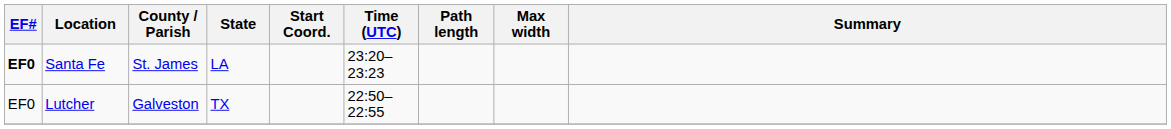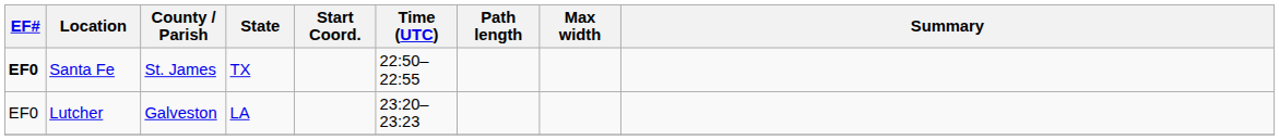 <table class="wikitable sortable" style="width:100%;">
 <tr>
 <th scope="col"  style="width:3%; text-align:center;"><a href='#'>EF#</a></th>
 <th scope="col"  style="width:7%; text-align:center;" class="unsortable">Location</th>
 <th scope="col"  style="width:6%; text-align:center;" class="unsortable">County / Parish</th>
 <th scope="col"  style="width:5%; text-align:center;">State</th>
 <th scope="col"  style="width:6%; text-align:center;">Start Coord.</th>
 <th scope="col"  style="width:6%; text-align:center;">Time (<a href='#'>UTC</a>)</th>
 <th scope="col"  style="width:6%; text-align:center;">Path length</th>
 <th scope="col"  style="width:6%; text-align:center;">Max width</th>
 <th scope="col" class="unsortable" style="width:48%; text-align:center;">Summary</th>
 </tr>
 <tr>
 <td><strong>EF0</strong></td>
 <td><a href='#'>Santa Fe</a></td>
 <td><a href='#'>St. James</a></td>
+<td><a href='#'>TX</a></td>
+<td></td>
+<td>22:50–22:55</td>
+<td></td>
+<td></td>
+<td></td>
+</tr>
+<tr>
+<td>EF0</td>
+<td><a href='#'>Lutcher</a></td>
+<td><a href='#'>Galveston</a></td>
 <td><a href='#'>LA</a></td>
 <td></td>
 <td>23:20–23:23</td>
 <td></td>
 <td></td>
 <td></td>
 </tr>
 <tr>
-<td>EF0</td>
-<td><a href='#'>Lutcher</a></td>
-<td><a href='#'>Galveston</a></td>
-<td><a href='#'>TX</a></td>
-<td></td>
-<td>22:50–22:55</td>
-<td></td>
-<td></td>
-<td></td>
-</tr>
-<tr>
 </tr>
 </table>
